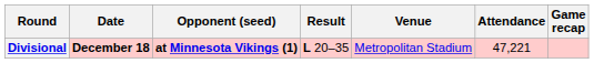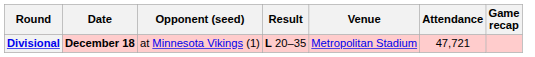 <table class="wikitable" style="text-align:center">
 <tr>
 <th>Round</th>
 <th>Date</th>
 <th>Opponent (seed)</th>
 <th>Result</th>
 <th>Venue</th>
 <th>Attendance</th>
 <th>Game<br>recap</th>
 </tr>
 <tr style="background:#fcc">
 <th><a href='#'>Divisional</a></th>
 <td><strong>December 18</strong></td>
-<td><strong>at <a href='#'>Minnesota Vikings</a> (1)</strong></td>
+<td>at <a href='#'>Minnesota Vikings</a> (1)</td>
 <td><strong>L</strong> 20–35</td>
 <td><a href='#'>Metropolitan Stadium</a></td>
-<td>47,221</td>
+<td>47,721</td>
 <td></td>
 </tr>
 </table>
